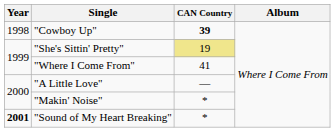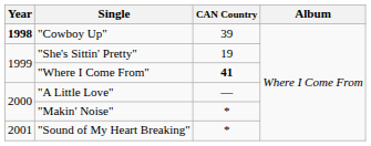 <table class="wikitable">
 <tr>
 <th>Year</th>
 <th>Single</th>
 <th><small>CAN Country</small></th>
 <th>Album</th>
 </tr>
 <tr>
-<td>1998</td>
+<td><strong>1998</strong></td>
 <td>"Cowboy Up"</td>
-<td align="center"><strong>39</strong></td>
+<td align="center">39</td>
 <td rowspan="6"><em>Where I Come From</em></td>
 </tr>
 <tr>
 <td rowspan="2">1999</td>
 <td>"She's Sittin' Pretty"</td>
-<td align="center" style="background: khaki;">19</td>
+<td align="center">19</td>
 </tr>
 <tr>
 <td>"Where I Come From"</td>
-<td align="center">41</td>
+<td align="center"><strong>41</strong></td>
 </tr>
 <tr>
 <td rowspan="2">2000</td>
 <td>"A Little Love"</td>
 <td align="center">—</td>
 </tr>
 <tr>
 <td>"Makin' Noise"</td>
 <td align="center">*</td>
 </tr>
 <tr>
-<td><strong>2001</strong></td>
+<td>2001</td>
 <td>"Sound of My Heart Breaking"</td>
 <td align="center">*</td>
 </tr>
 </table>
